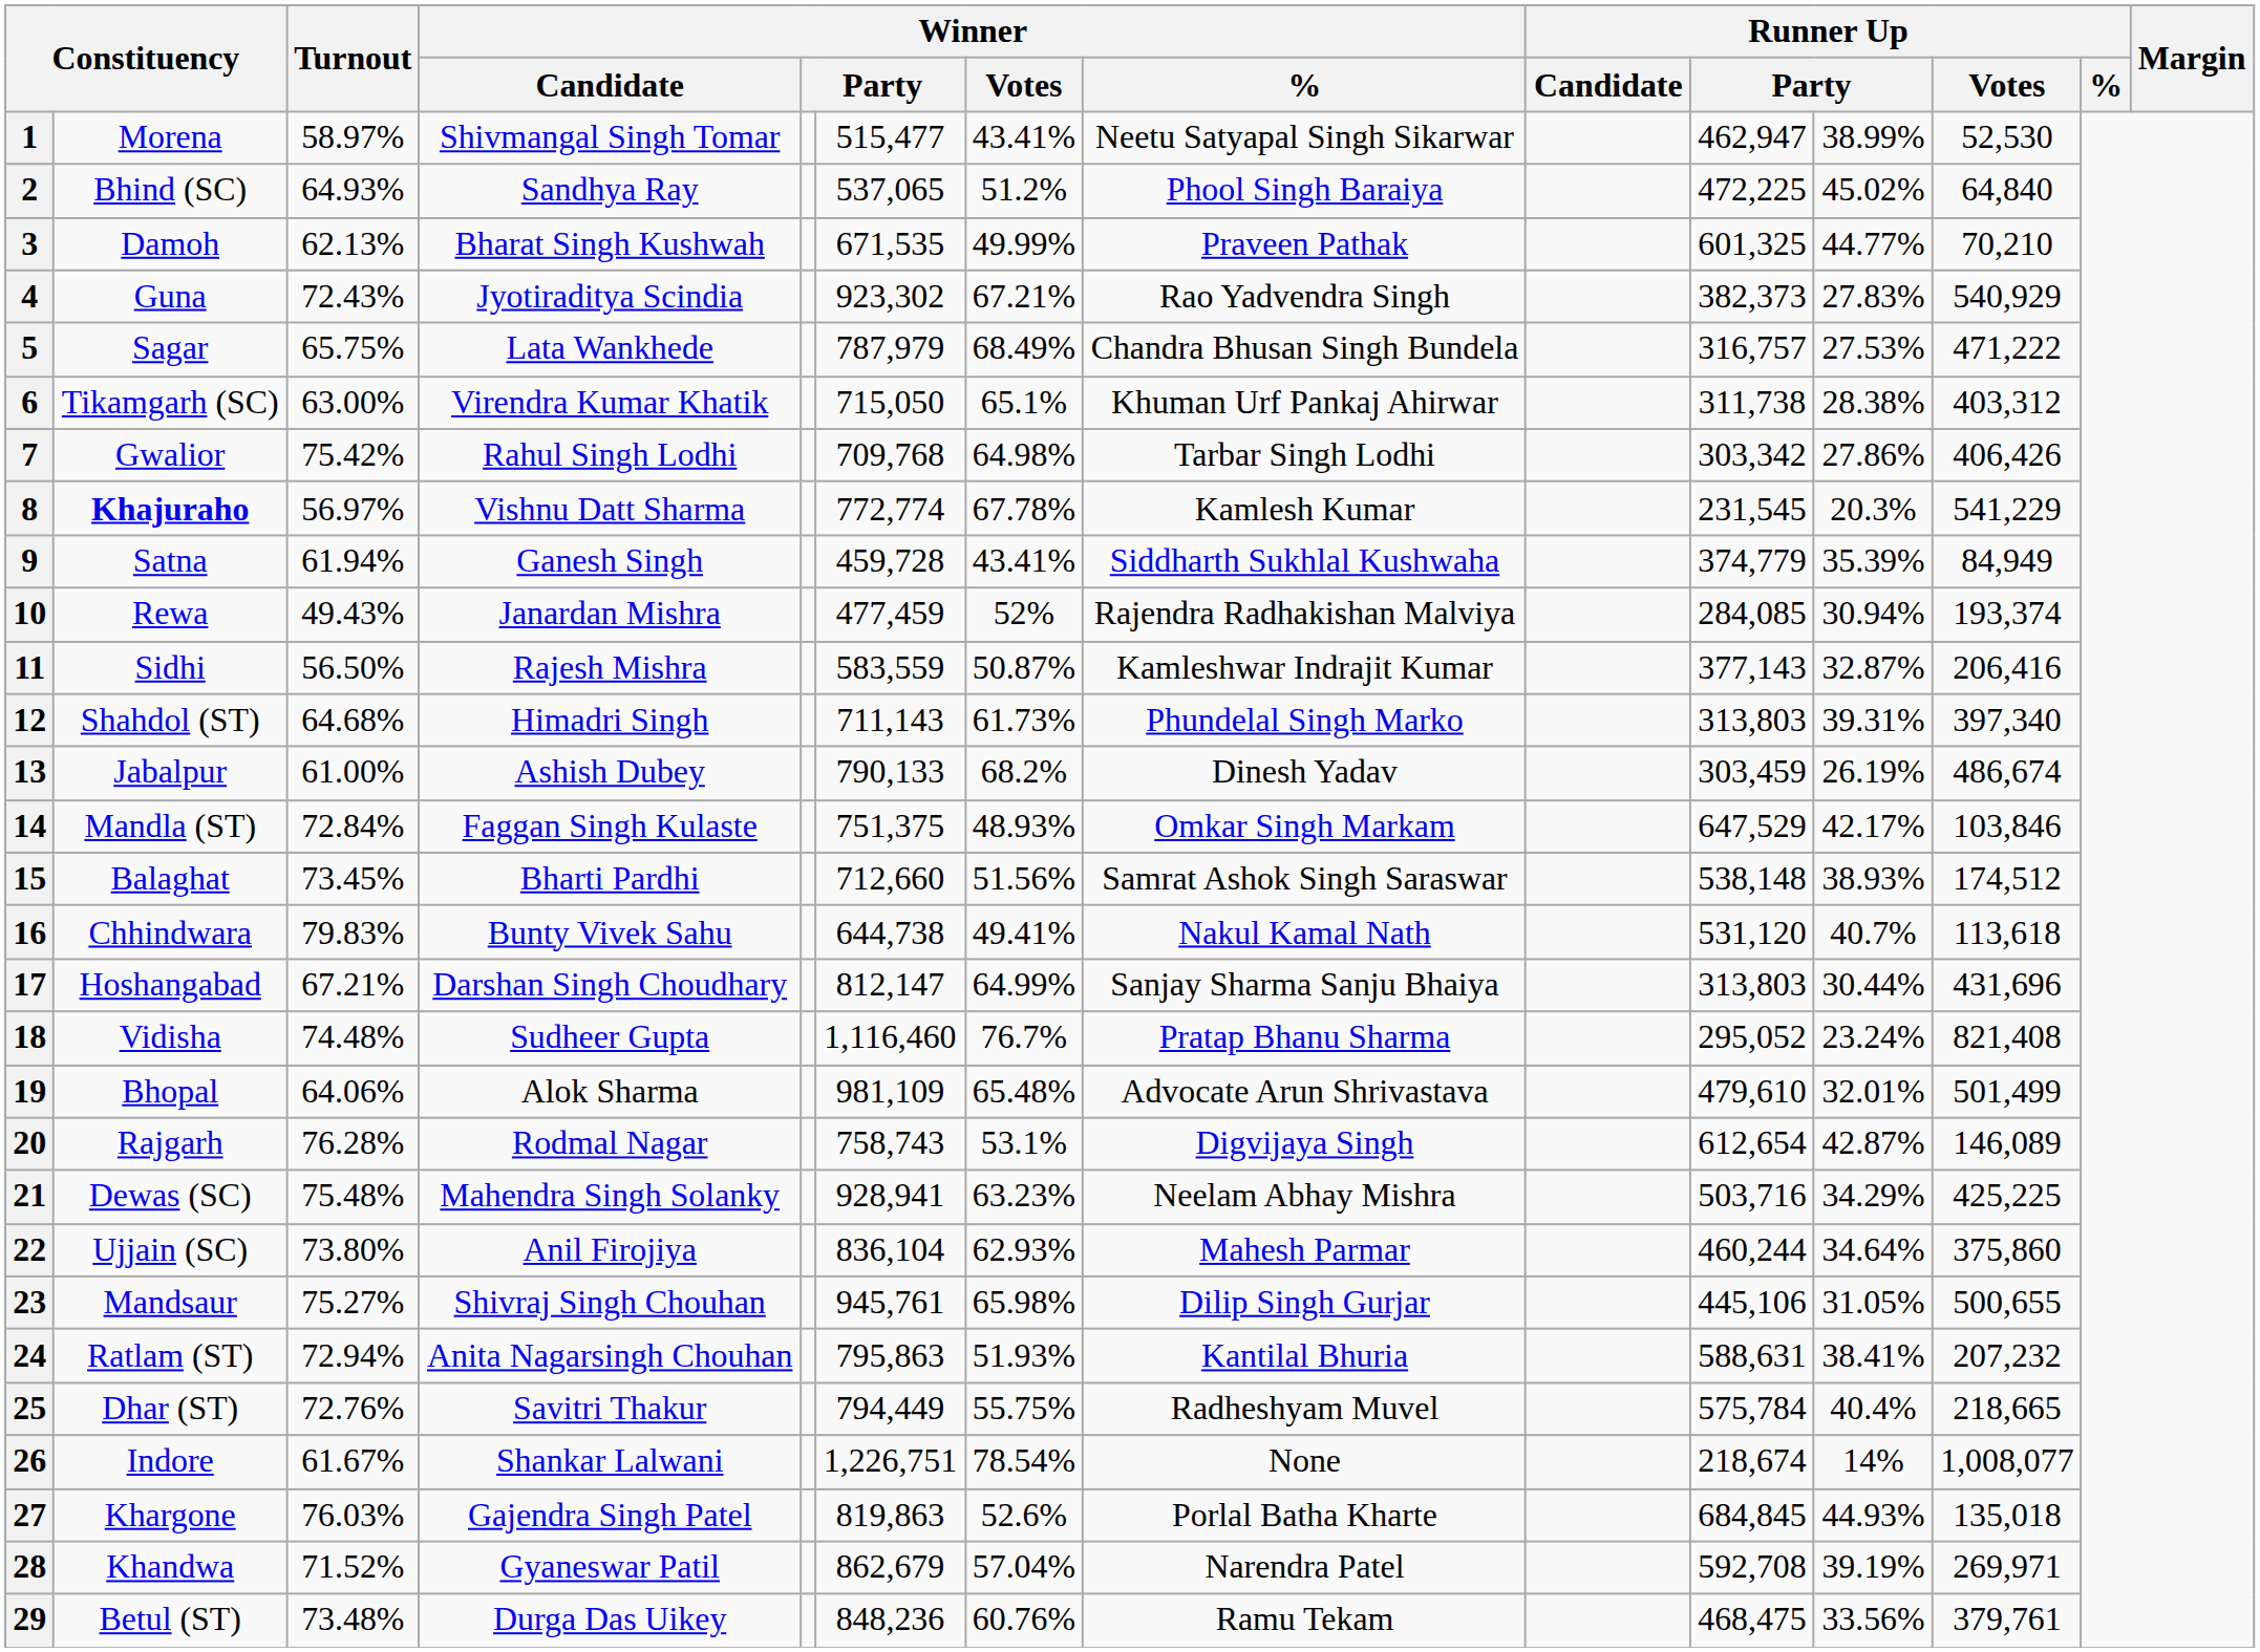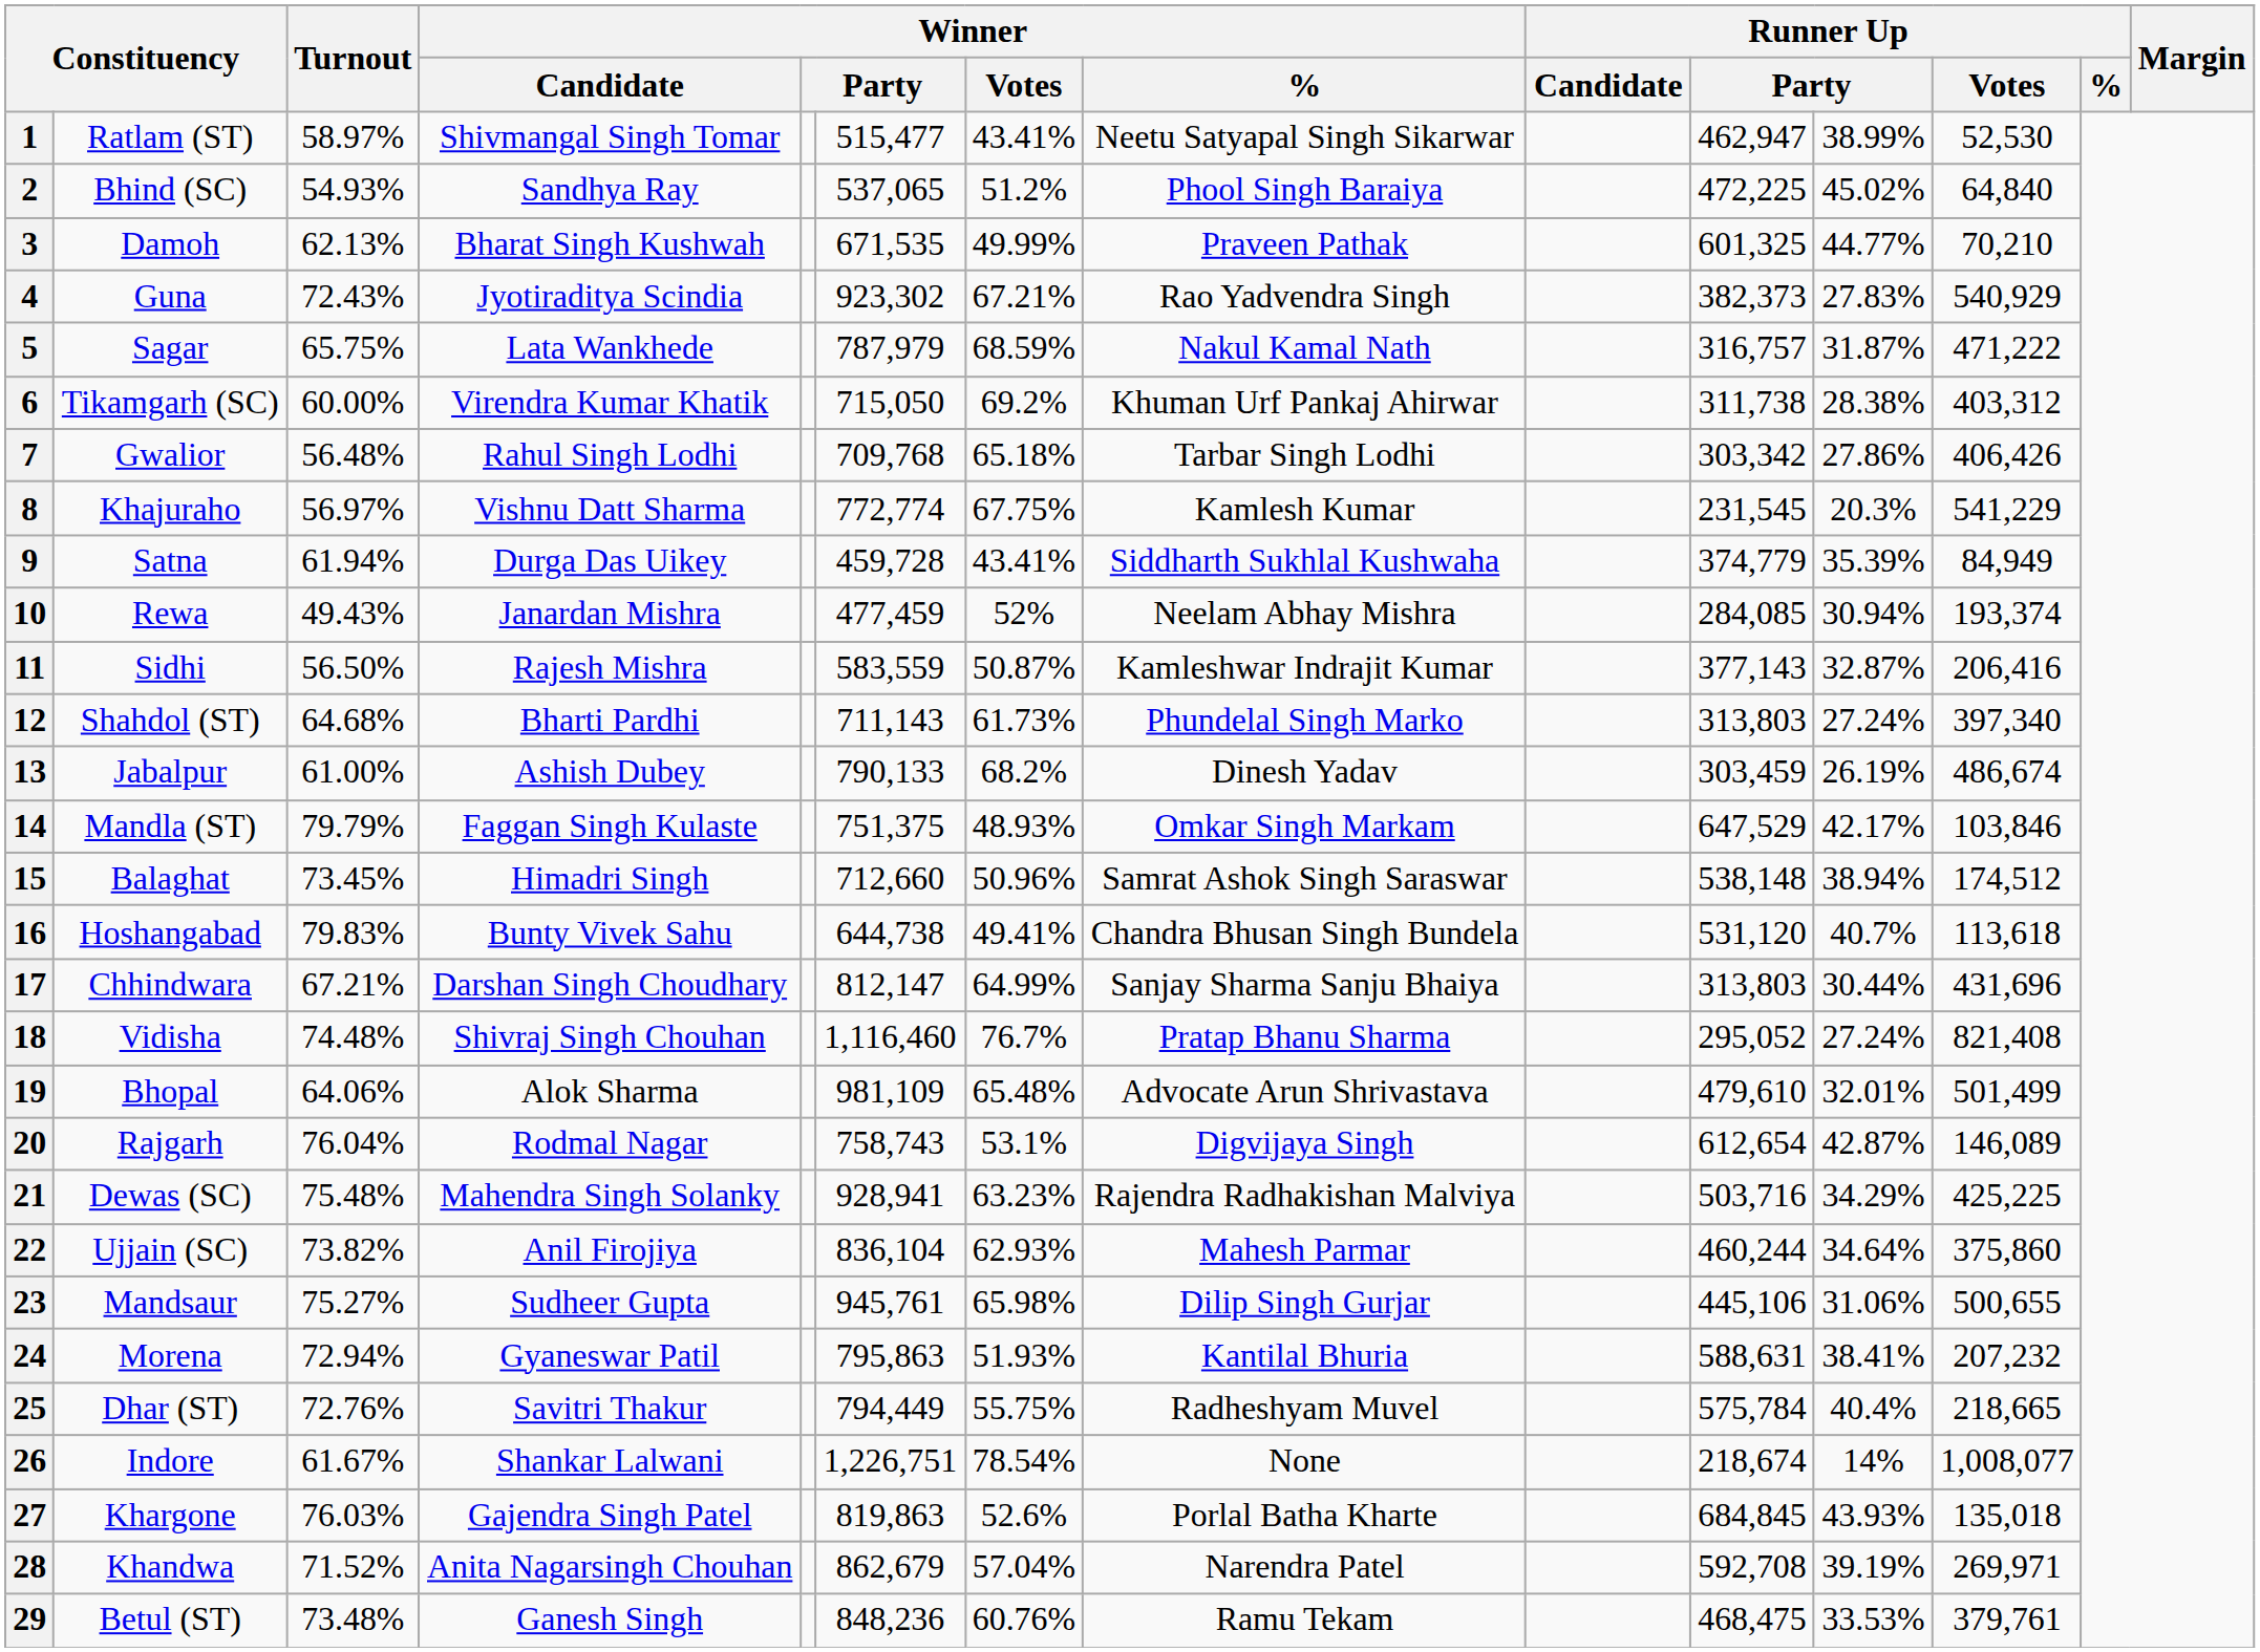 <table class="wikitable sortable" style="text-align:center;">
 <tr>
 <th colspan="2" rowspan="2">Constituency</th>
 <th rowspan="2">Turnout</th>
 <th colspan="5">Winner</th>
 <th colspan="5">Runner Up</th>
 <th rowspan="2">Margin</th>
 </tr>
 <tr>
 <th>Candidate</th>
 <th colspan="2">Party</th>
 <th>Votes</th>
 <th>%</th>
 <th>Candidate</th>
 <th colspan="2">Party</th>
 <th>Votes</th>
 <th>%</th>
 </tr>
 <tr>
 <th>1</th>
-<td><a href='#'>Morena</a></td>
+<td><a href='#'>Ratlam</a> (ST)</td>
 <td>58.97%</td>
 <td><a href='#'>Shivmangal Singh Tomar</a></td>
 <td></td>
 <td>515,477</td>
 <td>43.41%</td>
 <td>Neetu Satyapal Singh Sikarwar</td>
 <td></td>
 <td>462,947</td>
 <td>38.99%</td>
 <td style="background:">52,530</td>
 </tr>
 <tr>
 <th>2</th>
 <td><a href='#'>Bhind</a> (SC)</td>
-<td>64.93%</td>
+<td>54.93%</td>
 <td><a href='#'>Sandhya Ray</a></td>
 <td></td>
 <td>537,065</td>
 <td>51.2%</td>
 <td><a href='#'>Phool Singh Baraiya</a></td>
 <td></td>
 <td>472,225</td>
 <td>45.02%</td>
 <td style="background:">64,840</td>
 </tr>
 <tr>
 <th>3</th>
 <td><a href='#'>Damoh</a></td>
 <td>62.13%</td>
 <td><a href='#'>Bharat Singh Kushwah</a></td>
 <td></td>
 <td>671,535</td>
 <td>49.99%</td>
 <td><a href='#'>Praveen Pathak</a></td>
 <td></td>
 <td>601,325</td>
 <td>44.77%</td>
 <td style="background:">70,210</td>
 </tr>
 <tr>
 <th>4</th>
 <td><a href='#'>Guna</a></td>
 <td>72.43%</td>
 <td><a href='#'>Jyotiraditya Scindia</a></td>
 <td></td>
 <td>923,302</td>
 <td>67.21%</td>
 <td>Rao Yadvendra Singh</td>
 <td></td>
 <td>382,373</td>
 <td>27.83%</td>
 <td style="background:">540,929</td>
 </tr>
 <tr>
 <th>5</th>
 <td><a href='#'>Sagar</a></td>
 <td>65.75%</td>
 <td><a href='#'>Lata Wankhede</a></td>
 <td></td>
 <td>787,979</td>
-<td>68.49%</td>
-<td>Chandra Bhusan Singh Bundela</td>
+<td>68.59%</td>
+<td><a href='#'>Nakul Kamal Nath</a></td>
 <td></td>
 <td>316,757</td>
-<td>27.53%</td>
+<td>31.87%</td>
 <td style="background:">471,222</td>
 </tr>
 <tr>
 <th>6</th>
 <td><a href='#'>Tikamgarh</a> (SC)</td>
-<td>63.00%</td>
+<td>60.00%</td>
 <td><a href='#'>Virendra Kumar Khatik</a></td>
 <td></td>
 <td>715,050</td>
-<td>65.1%</td>
+<td>69.2%</td>
 <td>Khuman Urf Pankaj Ahirwar</td>
 <td></td>
 <td>311,738</td>
 <td>28.38%</td>
 <td style="background:">403,312</td>
 </tr>
 <tr>
 <th>7</th>
 <td><a href='#'>Gwalior</a></td>
-<td>75.42%</td>
+<td>56.48%</td>
 <td><a href='#'>Rahul Singh Lodhi</a></td>
 <td></td>
 <td>709,768</td>
-<td>64.98%</td>
+<td>65.18%</td>
 <td>Tarbar Singh Lodhi</td>
 <td></td>
 <td>303,342</td>
 <td>27.86%</td>
 <td style="background:">406,426</td>
 </tr>
 <tr>
 <th>8</th>
-<td><strong><a href='#'>Khajuraho</a></strong></td>
+<td><a href='#'>Khajuraho</a></td>
 <td>56.97%</td>
 <td><a href='#'>Vishnu Datt Sharma</a></td>
 <td></td>
 <td>772,774</td>
-<td>67.78%</td>
+<td>67.75%</td>
 <td>Kamlesh Kumar</td>
 <td></td>
 <td>231,545</td>
 <td>20.3%</td>
 <td style="background:">541,229</td>
 </tr>
 <tr>
 <th>9</th>
 <td><a href='#'>Satna</a></td>
 <td>61.94%</td>
-<td><a href='#'>Ganesh Singh</a></td>
+<td><a href='#'>Durga Das Uikey</a></td>
 <td></td>
 <td>459,728</td>
 <td>43.41%</td>
 <td><a href='#'>Siddharth Sukhlal Kushwaha</a></td>
 <td></td>
 <td>374,779</td>
 <td>35.39%</td>
 <td style="background:">84,949</td>
 </tr>
 <tr>
 <th>10</th>
 <td><a href='#'>Rewa</a></td>
 <td>49.43%</td>
 <td><a href='#'>Janardan Mishra</a></td>
 <td></td>
 <td>477,459</td>
 <td>52%</td>
-<td>Rajendra Radhakishan Malviya</td>
+<td>Neelam Abhay Mishra</td>
 <td></td>
 <td>284,085</td>
 <td>30.94%</td>
 <td style="background:">193,374</td>
 </tr>
 <tr>
 <th>11</th>
 <td><a href='#'>Sidhi</a></td>
 <td>56.50%</td>
 <td><a href='#'>Rajesh Mishra</a></td>
 <td></td>
 <td>583,559</td>
 <td>50.87%</td>
 <td>Kamleshwar Indrajit Kumar</td>
 <td></td>
 <td>377,143</td>
 <td>32.87%</td>
 <td style="background:">206,416</td>
 </tr>
 <tr>
 <th>12</th>
 <td><a href='#'>Shahdol</a> (ST)</td>
 <td>64.68%</td>
-<td><a href='#'>Himadri Singh</a></td>
+<td><a href='#'>Bharti Pardhi</a></td>
 <td></td>
 <td>711,143</td>
 <td>61.73%</td>
 <td><a href='#'>Phundelal Singh Marko</a></td>
 <td></td>
 <td>313,803</td>
-<td>39.31%</td>
+<td>27.24%</td>
 <td style="background:">397,340</td>
 </tr>
 <tr>
 <th>13</th>
 <td><a href='#'>Jabalpur</a></td>
 <td>61.00%</td>
 <td><a href='#'>Ashish Dubey</a></td>
 <td></td>
 <td>790,133</td>
 <td>68.2%</td>
 <td>Dinesh Yadav</td>
 <td></td>
 <td>303,459</td>
 <td>26.19%</td>
 <td style="background:">486,674</td>
 </tr>
 <tr>
 <th>14</th>
 <td><a href='#'>Mandla</a> (ST)</td>
-<td>72.84%</td>
+<td>79.79%</td>
 <td><a href='#'>Faggan Singh Kulaste</a></td>
 <td></td>
 <td>751,375</td>
 <td>48.93%</td>
 <td><a href='#'>Omkar Singh Markam</a></td>
 <td></td>
 <td>647,529</td>
 <td>42.17%</td>
 <td style="background:">103,846</td>
 </tr>
 <tr>
 <th>15</th>
 <td><a href='#'>Balaghat</a></td>
 <td>73.45%</td>
-<td><a href='#'>Bharti Pardhi</a></td>
+<td><a href='#'>Himadri Singh</a></td>
 <td></td>
 <td>712,660</td>
-<td>51.56%</td>
+<td>50.96%</td>
 <td>Samrat Ashok Singh Saraswar</td>
 <td></td>
 <td>538,148</td>
-<td>38.93%</td>
+<td>38.94%</td>
 <td style="background:">174,512</td>
 </tr>
 <tr>
 <th>16</th>
-<td><a href='#'>Chhindwara</a></td>
+<td><a href='#'>Hoshangabad</a></td>
 <td>79.83%</td>
 <td><a href='#'>Bunty Vivek Sahu</a></td>
 <td></td>
 <td>644,738</td>
 <td>49.41%</td>
-<td><a href='#'>Nakul Kamal Nath</a></td>
+<td>Chandra Bhusan Singh Bundela</td>
 <td></td>
 <td>531,120</td>
 <td>40.7%</td>
 <td style="background:">113,618</td>
 </tr>
 <tr>
 <th>17</th>
-<td><a href='#'>Hoshangabad</a></td>
+<td><a href='#'>Chhindwara</a></td>
 <td>67.21%</td>
 <td><a href='#'>Darshan Singh Choudhary</a></td>
 <td></td>
 <td>812,147</td>
 <td>64.99%</td>
 <td>Sanjay Sharma Sanju Bhaiya</td>
 <td></td>
 <td>313,803</td>
 <td>30.44%</td>
 <td style="background:">431,696</td>
 </tr>
 <tr>
 <th>18</th>
 <td><a href='#'>Vidisha</a></td>
 <td>74.48%</td>
-<td><a href='#'>Sudheer Gupta</a></td>
+<td><a href='#'>Shivraj Singh Chouhan</a></td>
 <td></td>
 <td>1,116,460</td>
 <td>76.7%</td>
 <td><a href='#'>Pratap Bhanu Sharma</a></td>
 <td></td>
 <td>295,052</td>
-<td>23.24%</td>
+<td>27.24%</td>
 <td style="background:">821,408</td>
 </tr>
 <tr>
 <th>19</th>
 <td><a href='#'>Bhopal</a></td>
 <td>64.06%</td>
 <td>Alok Sharma</td>
 <td></td>
 <td>981,109</td>
 <td>65.48%</td>
 <td>Advocate Arun Shrivastava</td>
 <td></td>
 <td>479,610</td>
 <td>32.01%</td>
 <td style="background:">501,499</td>
 </tr>
 <tr>
 <th>20</th>
 <td><a href='#'>Rajgarh</a></td>
-<td>76.28%</td>
+<td>76.04%</td>
 <td><a href='#'>Rodmal Nagar</a></td>
 <td></td>
 <td>758,743</td>
 <td>53.1%</td>
 <td><a href='#'>Digvijaya Singh</a></td>
 <td></td>
 <td>612,654</td>
 <td>42.87%</td>
 <td style="background:">146,089</td>
 </tr>
 <tr>
 <th>21</th>
 <td><a href='#'>Dewas</a> (SC)</td>
 <td>75.48%</td>
 <td><a href='#'>Mahendra Singh Solanky</a></td>
 <td></td>
 <td>928,941</td>
 <td>63.23%</td>
-<td>Neelam Abhay Mishra</td>
+<td>Rajendra Radhakishan Malviya</td>
 <td></td>
 <td>503,716</td>
 <td>34.29%</td>
 <td style="background:">425,225</td>
 </tr>
 <tr>
 <th>22</th>
 <td><a href='#'>Ujjain</a> (SC)</td>
-<td>73.80%</td>
+<td>73.82%</td>
 <td><a href='#'>Anil Firojiya</a></td>
 <td></td>
 <td>836,104</td>
 <td>62.93%</td>
 <td><a href='#'>Mahesh Parmar</a></td>
 <td></td>
 <td>460,244</td>
 <td>34.64%</td>
 <td style="background:">375,860</td>
 </tr>
 <tr>
 <th>23</th>
 <td><a href='#'>Mandsaur</a></td>
 <td>75.27%</td>
-<td><a href='#'>Shivraj Singh Chouhan</a></td>
+<td><a href='#'>Sudheer Gupta</a></td>
 <td></td>
 <td>945,761</td>
 <td>65.98%</td>
 <td><a href='#'>Dilip Singh Gurjar</a></td>
 <td></td>
 <td>445,106</td>
-<td>31.05%</td>
+<td>31.06%</td>
 <td style="background:">500,655</td>
 </tr>
 <tr>
 <th>24</th>
-<td><a href='#'>Ratlam</a> (ST)</td>
+<td><a href='#'>Morena</a></td>
 <td>72.94%</td>
-<td><a href='#'>Anita Nagarsingh Chouhan</a></td>
+<td><a href='#'>Gyaneswar Patil</a></td>
 <td></td>
 <td>795,863</td>
 <td>51.93%</td>
 <td><a href='#'>Kantilal Bhuria</a></td>
 <td></td>
 <td>588,631</td>
 <td>38.41%</td>
 <td style="background:">207,232</td>
 </tr>
 <tr>
 <th>25</th>
 <td><a href='#'>Dhar</a> (ST)</td>
 <td>72.76%</td>
 <td><a href='#'>Savitri Thakur</a></td>
 <td></td>
 <td>794,449</td>
 <td>55.75%</td>
 <td>Radheshyam Muvel</td>
 <td></td>
 <td>575,784</td>
 <td>40.4%</td>
 <td style="background:">218,665</td>
 </tr>
 <tr>
 <th>26</th>
 <td><a href='#'>Indore</a></td>
 <td>61.67%</td>
 <td><a href='#'>Shankar Lalwani</a></td>
 <td></td>
 <td>1,226,751</td>
 <td>78.54%</td>
 <td>None</td>
 <td></td>
 <td>218,674</td>
 <td>14%</td>
 <td style="background:">1,008,077</td>
 </tr>
 <tr>
 <th>27</th>
 <td><a href='#'>Khargone</a></td>
 <td>76.03%</td>
 <td><a href='#'>Gajendra Singh Patel</a></td>
 <td></td>
 <td>819,863</td>
 <td>52.6%</td>
 <td>Porlal Batha Kharte</td>
 <td></td>
 <td>684,845</td>
-<td>44.93%</td>
+<td>43.93%</td>
 <td style="background:">135,018</td>
 </tr>
 <tr>
 <th>28</th>
 <td><a href='#'>Khandwa</a></td>
 <td>71.52%</td>
-<td><a href='#'>Gyaneswar Patil</a></td>
+<td><a href='#'>Anita Nagarsingh Chouhan</a></td>
 <td></td>
 <td>862,679</td>
 <td>57.04%</td>
 <td>Narendra Patel</td>
 <td></td>
 <td>592,708</td>
 <td>39.19%</td>
 <td style="background:">269,971</td>
 </tr>
 <tr>
 <th>29</th>
 <td><a href='#'>Betul</a> (ST)</td>
 <td>73.48%</td>
-<td><a href='#'>Durga Das Uikey</a></td>
+<td><a href='#'>Ganesh Singh</a></td>
 <td></td>
 <td>848,236</td>
 <td>60.76%</td>
 <td>Ramu Tekam</td>
 <td></td>
 <td>468,475</td>
-<td>33.56%</td>
+<td>33.53%</td>
 <td style="background:">379,761</td>
 </tr>
 </table>
